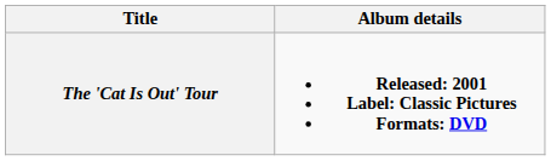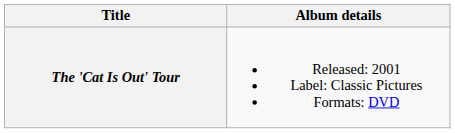 <table class="wikitable plainrowheaders" style="text-align:center;">
 <tr>
 <th scope="col" style="width:15em;">Title</th>
 <th scope="col" style="width:15em;">Album details</th>
 </tr>
 <tr>
 <th scope="row"><em>The 'Cat Is Out' Tour</em></th>
-<td><strong><br><ul><li>Released: 2001</li><li>Label: Classic Pictures</li><li>Formats: <a href='#'>DVD</a></li></ul></strong></td>
+<td><br><ul><li>Released: 2001</li><li>Label: Classic Pictures</li><li>Formats: <a href='#'>DVD</a></li></ul></td>
 </tr>
 </table>
